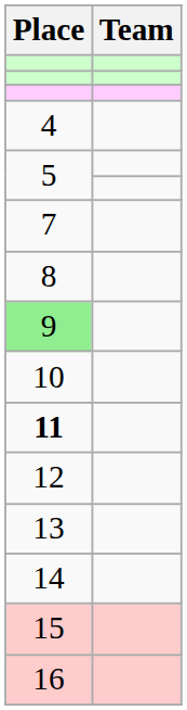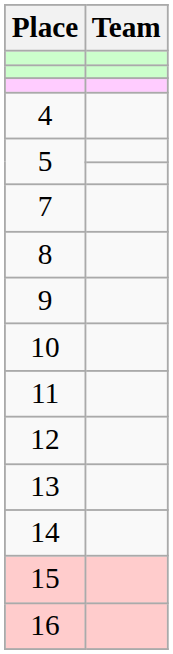 <table class="wikitable">
 <tr>
 <th>Place</th>
 <th>Team</th>
 </tr>
 <tr bgcolor=#ccffcc>
 <td align=center></td>
 <td></td>
 </tr>
 <tr bgcolor=#ccffcc>
 <td align=center></td>
 <td></td>
 </tr>
 <tr bgcolor=#ffccff>
 <td align=center></td>
 <td></td>
 </tr>
 <tr>
 <td align=center>4</td>
 <td></td>
 </tr>
 <tr>
 <td align=center rowspan=2>5</td>
 <td></td>
 </tr>
 <tr>
 <td></td>
 </tr>
 <tr>
 <td align=center>7</td>
 <td></td>
 </tr>
 <tr>
 <td align=center>8</td>
 <td></td>
 </tr>
 <tr>
-<td align=center style="background: lightgreen;">9</td>
+<td align=center>9</td>
 <td></td>
 </tr>
 <tr>
 <td align=center>10</td>
 <td></td>
 </tr>
 <tr>
-<td align=center><strong>11</strong></td>
+<td align=center>11</td>
 <td></td>
 </tr>
 <tr>
 <td align=center>12</td>
 <td></td>
 </tr>
 <tr>
 <td align=center>13</td>
 <td></td>
 </tr>
 <tr>
 <td align=center>14</td>
 <td></td>
 </tr>
 <tr bgcolor=#ffcccc>
 <td align=center>15</td>
 <td></td>
 </tr>
 <tr bgcolor=#ffcccc>
 <td align=center>16</td>
 <td></td>
 </tr>
 </table>
